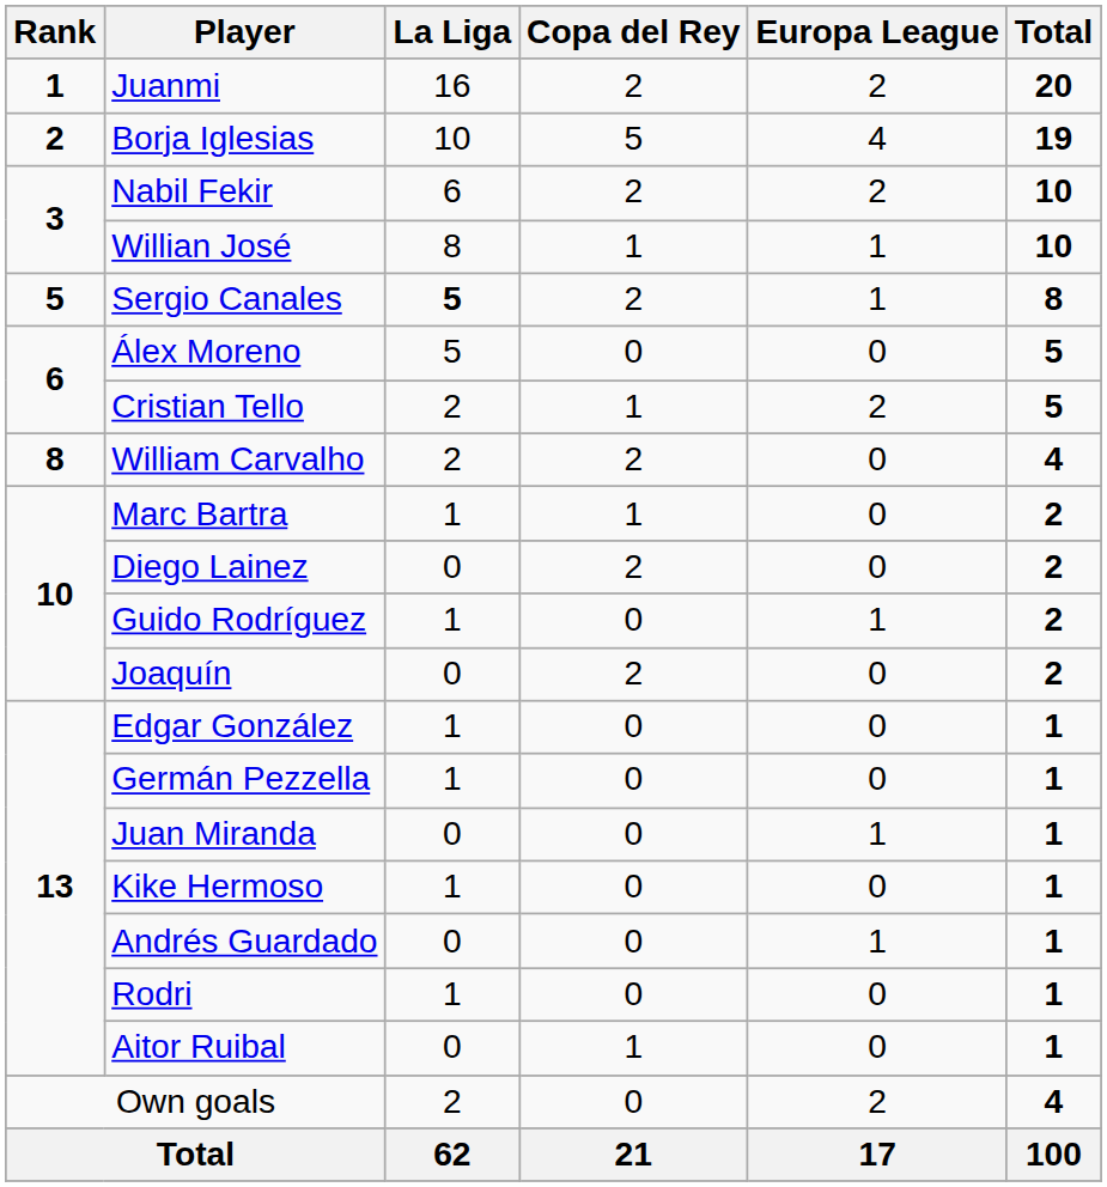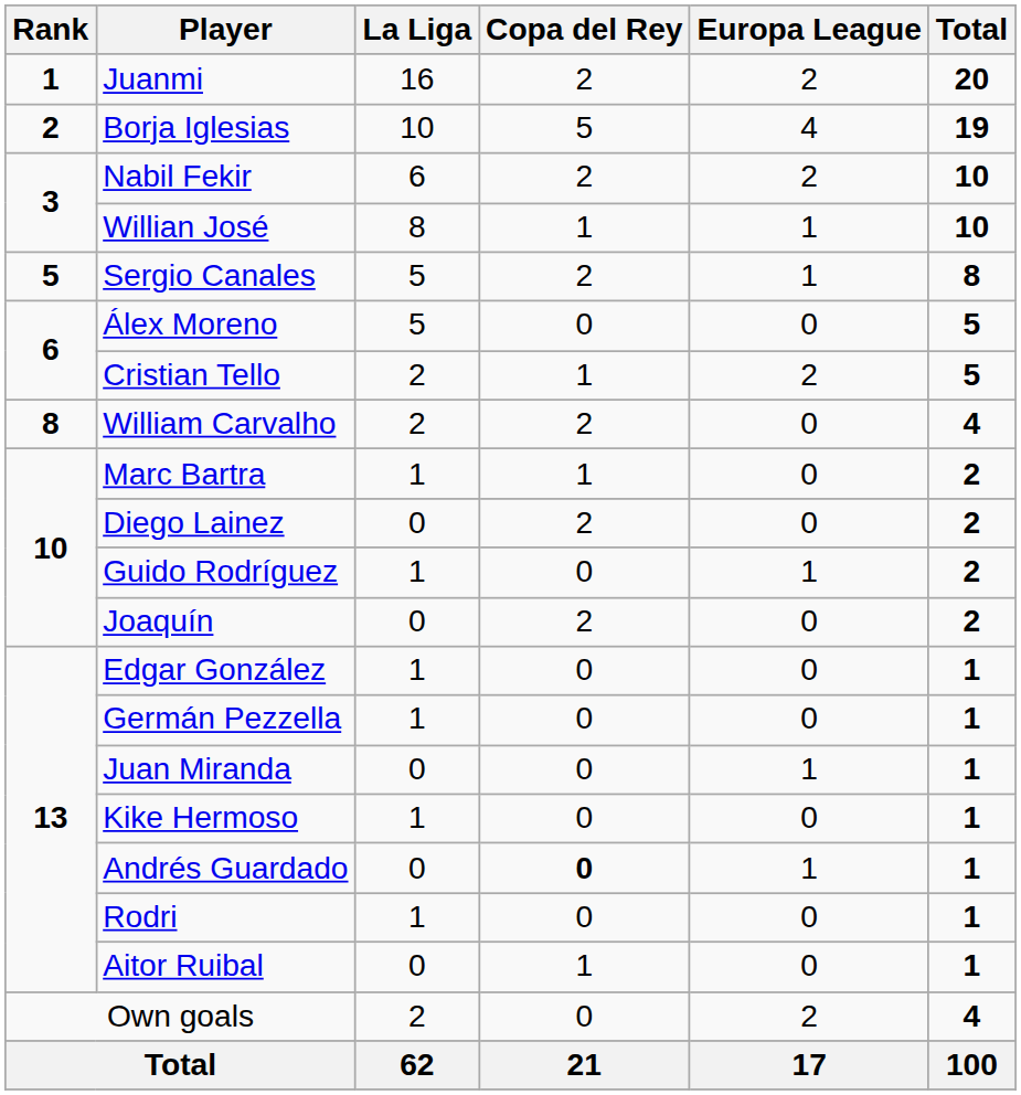 <table class="wikitable" style="text-align:center;">
 <tr>
 <th>Rank</th>
 <th>Player</th>
 <th>La Liga</th>
 <th>Copa del Rey</th>
 <th>Europa League</th>
 <th>Total</th>
 </tr>
 <tr>
 <td><strong>1</strong></td>
 <td align=left> <a href='#'>Juanmi</a></td>
 <td>16</td>
 <td>2</td>
 <td>2</td>
 <td><strong>20</strong></td>
 </tr>
 <tr>
 <td><strong>2</strong></td>
 <td align=left> <a href='#'>Borja Iglesias</a></td>
 <td>10</td>
 <td>5</td>
 <td>4</td>
 <td><strong>19</strong></td>
 </tr>
 <tr>
 <td rowspan=2><strong>3</strong></td>
 <td align=left> <a href='#'>Nabil Fekir</a></td>
 <td>6</td>
 <td>2</td>
 <td>2</td>
 <td><strong>10</strong></td>
 </tr>
 <tr>
 <td align=left> <a href='#'>Willian José</a></td>
 <td>8</td>
 <td>1</td>
 <td>1</td>
 <td><strong>10</strong></td>
 </tr>
 <tr>
 <td><strong>5</strong></td>
 <td align=left> <a href='#'>Sergio Canales</a></td>
-<td><strong>5</strong></td>
+<td>5</td>
 <td>2</td>
 <td>1</td>
 <td><strong>8</strong></td>
 </tr>
 <tr>
 <td rowspan=2><strong>6</strong></td>
 <td align=left> <a href='#'>Álex Moreno</a></td>
 <td>5</td>
 <td>0</td>
 <td>0</td>
 <td><strong>5</strong></td>
 </tr>
 <tr>
 <td align=left> <a href='#'>Cristian Tello</a></td>
 <td>2</td>
 <td>1</td>
 <td>2</td>
 <td><strong>5</strong></td>
 </tr>
 <tr>
 <td><strong>8</strong></td>
 <td align=left> <a href='#'>William Carvalho</a></td>
 <td>2</td>
 <td>2</td>
 <td>0</td>
 <td><strong>4</strong></td>
 </tr>
 <tr>
 <td rowspan=4><strong>10</strong></td>
 <td align=left> <a href='#'>Marc Bartra</a></td>
 <td>1</td>
 <td>1</td>
 <td>0</td>
 <td><strong>2</strong></td>
 </tr>
 <tr>
 <td align=left> <a href='#'>Diego Lainez</a></td>
 <td>0</td>
 <td>2</td>
 <td>0</td>
 <td><strong>2</strong></td>
 </tr>
 <tr>
 <td align=left> <a href='#'>Guido Rodríguez</a></td>
 <td>1</td>
 <td>0</td>
 <td>1</td>
 <td><strong>2</strong></td>
 </tr>
 <tr>
 <td align=left> <a href='#'>Joaquín</a></td>
 <td>0</td>
 <td>2</td>
 <td>0</td>
 <td><strong>2</strong></td>
 </tr>
 <tr>
 <td rowspan=7><strong>13</strong></td>
 <td align=left> <a href='#'>Edgar González</a></td>
 <td>1</td>
 <td>0</td>
 <td>0</td>
 <td><strong>1</strong></td>
 </tr>
 <tr>
 <td align=left> <a href='#'>Germán Pezzella</a></td>
 <td>1</td>
 <td>0</td>
 <td>0</td>
 <td><strong>1</strong></td>
 </tr>
 <tr>
 <td align=left> <a href='#'>Juan Miranda</a></td>
 <td>0</td>
 <td>0</td>
 <td>1</td>
 <td><strong>1</strong></td>
 </tr>
 <tr>
 <td align=left> <a href='#'>Kike Hermoso</a></td>
 <td>1</td>
 <td>0</td>
 <td>0</td>
 <td><strong>1</strong></td>
 </tr>
 <tr>
 <td align=left> <a href='#'>Andrés Guardado</a></td>
 <td>0</td>
-<td>0</td>
+<td><strong>0</strong></td>
 <td>1</td>
 <td><strong>1</strong></td>
 </tr>
 <tr>
 <td align=left> <a href='#'>Rodri</a></td>
 <td>1</td>
 <td>0</td>
 <td>0</td>
 <td><strong>1</strong></td>
 </tr>
 <tr>
 <td align=left> <a href='#'>Aitor Ruibal</a></td>
 <td>0</td>
 <td>1</td>
 <td>0</td>
 <td><strong>1</strong></td>
 </tr>
 <tr>
 <td align=center colspan=2>Own goals</td>
 <td>2</td>
 <td>0</td>
 <td>2</td>
 <td><strong>4</strong></td>
 </tr>
 <tr>
 <th colspan=2>Total</th>
 <th>62</th>
 <th>21</th>
 <th>17</th>
 <th>100</th>
 </tr>
 </table>
